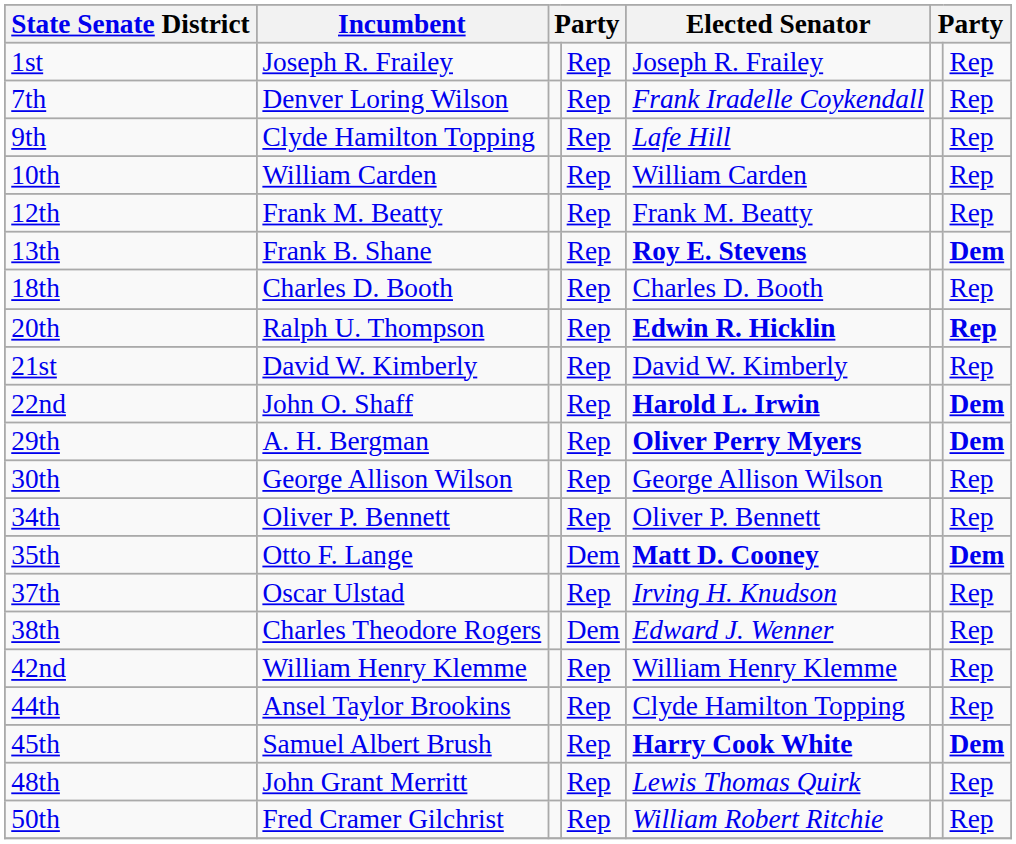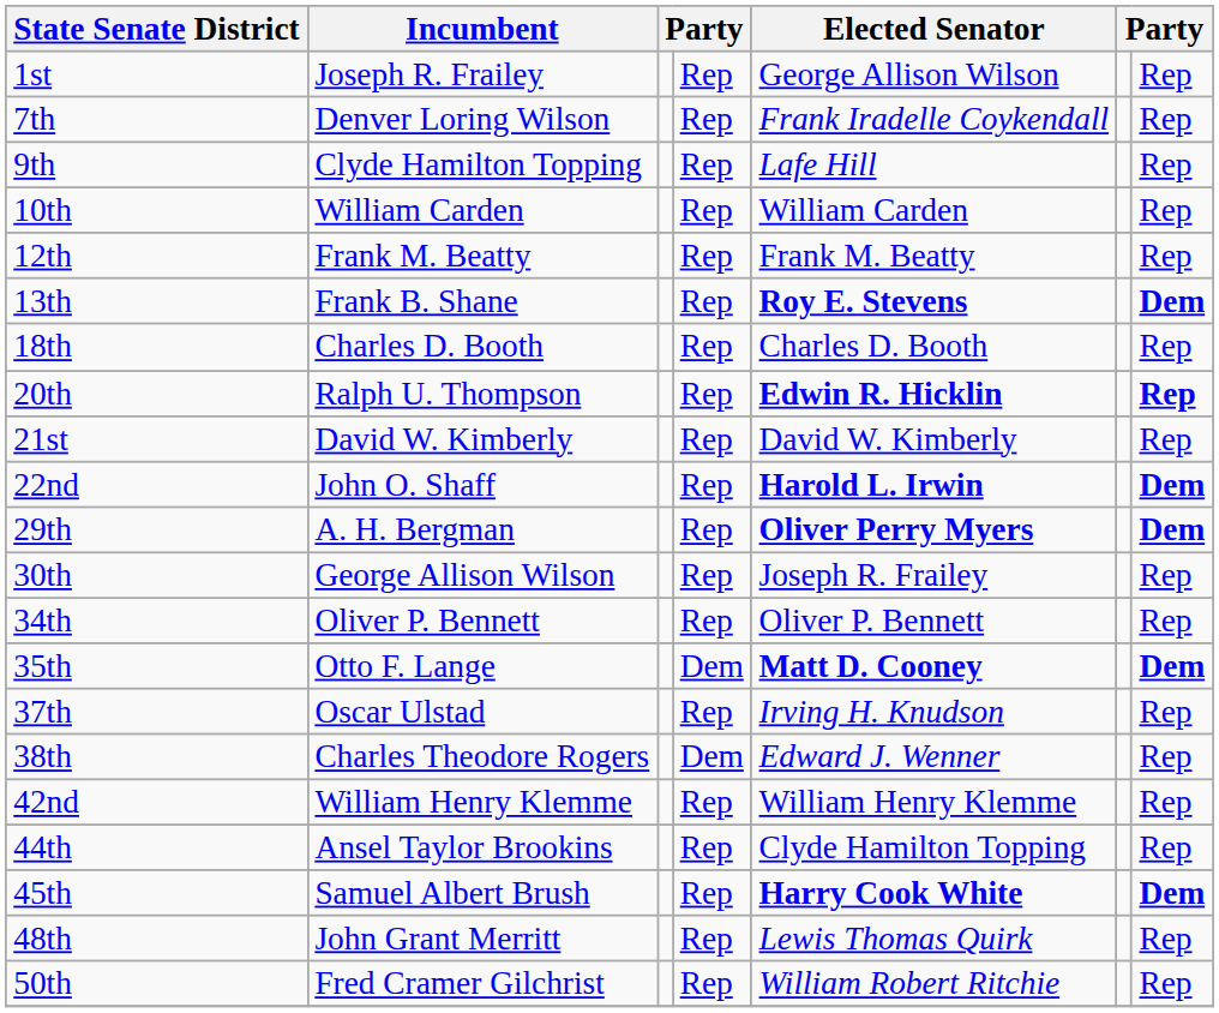 <table class="sortable wikitable" style="font-size:95%;line-height:14px;">
 <tr>
 <th class="unsortable"><a href='#'>State Senate</a> District</th>
 <th class="unsortable"><a href='#'>Incumbent</a></th>
 <th colspan="2">Party</th>
 <th class="unsortable">Elected Senator</th>
 <th colspan="2">Party</th>
 </tr>
 <tr>
 <td><a href='#'>1st</a></td>
 <td><a href='#'>Joseph R. Frailey</a></td>
 <td style="background:"></td>
 <td><a href='#'>Rep</a></td>
-<td><a href='#'>Joseph R. Frailey</a></td>
+<td><a href='#'>George Allison Wilson</a></td>
 <td style="background:"></td>
 <td><a href='#'>Rep</a></td>
 </tr>
 <tr>
 <td><a href='#'>7th</a></td>
 <td><a href='#'>Denver Loring Wilson</a></td>
 <td style="background:"></td>
 <td><a href='#'>Rep</a></td>
 <td><em><a href='#'>Frank Iradelle Coykendall</a></em></td>
 <td style="background:"></td>
 <td><a href='#'>Rep</a></td>
 </tr>
 <tr>
 <td><a href='#'>9th</a></td>
 <td><a href='#'>Clyde Hamilton Topping</a></td>
 <td style="background:"></td>
 <td><a href='#'>Rep</a></td>
 <td><em><a href='#'>Lafe Hill</a></em></td>
 <td style="background:"></td>
 <td><a href='#'>Rep</a></td>
 </tr>
 <tr>
 <td><a href='#'>10th</a></td>
 <td><a href='#'>William Carden</a></td>
 <td style="background:"></td>
 <td><a href='#'>Rep</a></td>
 <td><a href='#'>William Carden</a></td>
 <td style="background:"></td>
 <td><a href='#'>Rep</a></td>
 </tr>
 <tr>
 <td><a href='#'>12th</a></td>
 <td><a href='#'>Frank M. Beatty</a></td>
 <td style="background:"></td>
 <td><a href='#'>Rep</a></td>
 <td><a href='#'>Frank M. Beatty</a></td>
 <td style="background:"></td>
 <td><a href='#'>Rep</a></td>
 </tr>
 <tr>
 <td><a href='#'>13th</a></td>
 <td><a href='#'>Frank B. Shane</a></td>
 <td style="background:"></td>
 <td><a href='#'>Rep</a></td>
 <td><strong><a href='#'>Roy E. Stevens</a></strong></td>
 <td style="background:"></td>
 <td><strong><a href='#'>Dem</a></strong></td>
 </tr>
 <tr>
 <td><a href='#'>18th</a></td>
 <td><a href='#'>Charles D. Booth</a></td>
 <td style="background:"></td>
 <td><a href='#'>Rep</a></td>
 <td><a href='#'>Charles D. Booth</a></td>
 <td style="background:"></td>
 <td><a href='#'>Rep</a></td>
 </tr>
 <tr>
 <td><a href='#'>20th</a></td>
 <td><a href='#'>Ralph U. Thompson</a></td>
 <td style="background:"></td>
 <td><a href='#'>Rep</a></td>
 <td><strong><a href='#'>Edwin R. Hicklin</a></strong></td>
 <td style="background:"></td>
 <td><strong><a href='#'>Rep</a></strong></td>
 </tr>
 <tr>
 <td><a href='#'>21st</a></td>
 <td><a href='#'>David W. Kimberly</a></td>
 <td style="background:"></td>
 <td><a href='#'>Rep</a></td>
 <td><a href='#'>David W. Kimberly</a></td>
 <td style="background:"></td>
 <td><a href='#'>Rep</a></td>
 </tr>
 <tr>
 <td><a href='#'>22nd</a></td>
 <td><a href='#'>John O. Shaff</a></td>
 <td style="background:"></td>
 <td><a href='#'>Rep</a></td>
 <td><strong><a href='#'>Harold L. Irwin</a></strong></td>
 <td style="background:"></td>
 <td><strong><a href='#'>Dem</a></strong></td>
 </tr>
 <tr>
 <td><a href='#'>29th</a></td>
 <td><a href='#'>A. H. Bergman</a></td>
 <td style="background:"></td>
 <td><a href='#'>Rep</a></td>
 <td><strong><a href='#'>Oliver Perry Myers</a></strong></td>
 <td style="background:"></td>
 <td><strong><a href='#'>Dem</a></strong></td>
 </tr>
 <tr>
 <td><a href='#'>30th</a></td>
 <td><a href='#'>George Allison Wilson</a></td>
 <td style="background:"></td>
 <td><a href='#'>Rep</a></td>
-<td><a href='#'>George Allison Wilson</a></td>
+<td><a href='#'>Joseph R. Frailey</a></td>
 <td style="background:"></td>
 <td><a href='#'>Rep</a></td>
 </tr>
 <tr>
 <td><a href='#'>34th</a></td>
 <td><a href='#'>Oliver P. Bennett</a></td>
 <td style="background:"></td>
 <td><a href='#'>Rep</a></td>
 <td><a href='#'>Oliver P. Bennett</a></td>
 <td style="background:"></td>
 <td><a href='#'>Rep</a></td>
 </tr>
 <tr>
 <td><a href='#'>35th</a></td>
 <td><a href='#'>Otto F. Lange</a></td>
 <td style="background:"></td>
 <td><a href='#'>Dem</a></td>
 <td><strong><a href='#'>Matt D. Cooney</a></strong></td>
 <td style="background:"></td>
 <td><strong><a href='#'>Dem</a></strong></td>
 </tr>
 <tr>
 <td><a href='#'>37th</a></td>
 <td><a href='#'>Oscar Ulstad</a></td>
 <td style="background:"></td>
 <td><a href='#'>Rep</a></td>
 <td><em><a href='#'>Irving H. Knudson</a></em></td>
 <td style="background:"></td>
 <td><a href='#'>Rep</a></td>
 </tr>
 <tr>
 <td><a href='#'>38th</a></td>
 <td><a href='#'>Charles Theodore Rogers</a></td>
 <td style="background:"></td>
 <td><a href='#'>Dem</a></td>
 <td><em><a href='#'>Edward J. Wenner</a></em></td>
 <td style="background:"></td>
 <td><a href='#'>Rep</a></td>
 </tr>
 <tr>
 <td><a href='#'>42nd</a></td>
 <td><a href='#'>William Henry Klemme</a></td>
 <td style="background:"></td>
 <td><a href='#'>Rep</a></td>
 <td><a href='#'>William Henry Klemme</a></td>
 <td style="background:"></td>
 <td><a href='#'>Rep</a></td>
 </tr>
 <tr>
 <td><a href='#'>44th</a></td>
 <td><a href='#'>Ansel Taylor Brookins</a></td>
 <td style="background:"></td>
 <td><a href='#'>Rep</a></td>
 <td><a href='#'>Clyde Hamilton Topping</a></td>
 <td style="background:"></td>
 <td><a href='#'>Rep</a></td>
 </tr>
 <tr>
 <td><a href='#'>45th</a></td>
 <td><a href='#'>Samuel Albert Brush</a></td>
 <td style="background:"></td>
 <td><a href='#'>Rep</a></td>
 <td><strong><a href='#'>Harry Cook White</a></strong></td>
 <td style="background:"></td>
 <td><strong><a href='#'>Dem</a></strong></td>
 </tr>
 <tr>
 <td><a href='#'>48th</a></td>
 <td><a href='#'>John Grant Merritt</a></td>
 <td style="background:"></td>
 <td><a href='#'>Rep</a></td>
 <td><em><a href='#'>Lewis Thomas Quirk</a></em></td>
 <td style="background:"></td>
 <td><a href='#'>Rep</a></td>
 </tr>
 <tr>
 <td><a href='#'>50th</a></td>
 <td><a href='#'>Fred Cramer Gilchrist</a></td>
 <td style="background:"></td>
 <td><a href='#'>Rep</a></td>
 <td><em><a href='#'>William Robert Ritchie</a></em></td>
 <td style="background:"></td>
 <td><a href='#'>Rep</a></td>
 </tr>
 <tr>
 </tr>
 </table>
